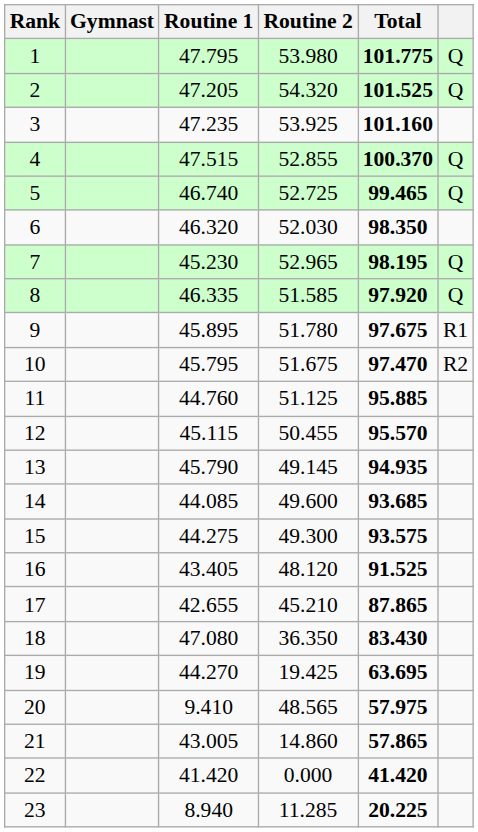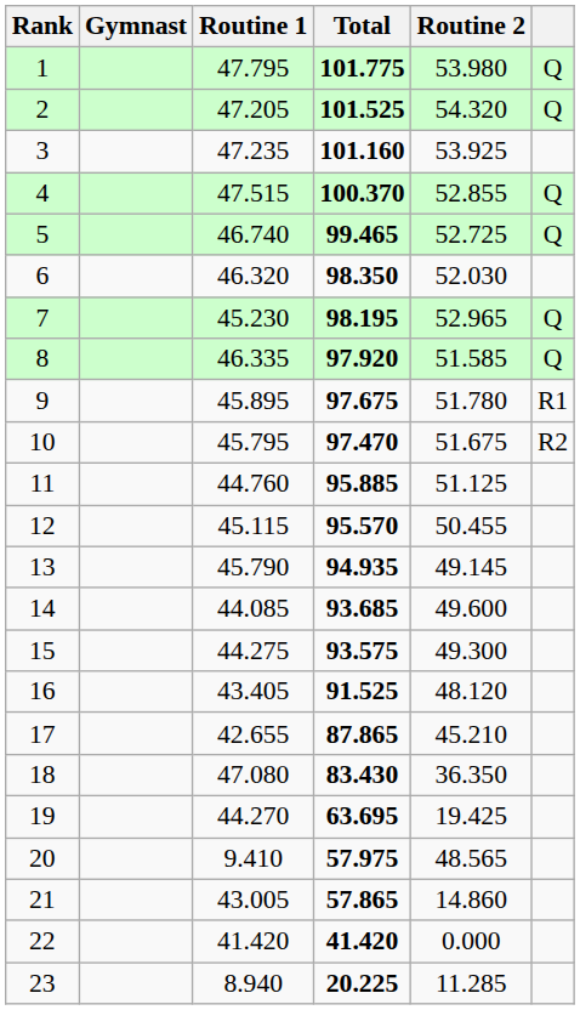 <table class="wikitable sortable" style="text-align:center">
 <tr>
 <th>Rank</th>
 <th>Gymnast</th>
 <th>Routine 1</th>
+<th>Total</th>
 <th>Routine 2</th>
-<th>Total</th>
 <th></th>
 </tr>
 <tr bgcolor=ccffcc>
 <td>1</td>
 <td align=left></td>
 <td>47.795</td>
+<td><strong>101.775</strong></td>
 <td>53.980</td>
-<td><strong>101.775</strong></td>
 <td>Q</td>
 </tr>
 <tr bgcolor=ccffcc>
 <td>2</td>
 <td align=left></td>
 <td>47.205</td>
+<td><strong>101.525</strong></td>
 <td>54.320</td>
-<td><strong>101.525</strong></td>
 <td>Q</td>
 </tr>
 <tr>
 <td>3</td>
 <td align=left></td>
 <td>47.235</td>
+<td><strong>101.160</strong></td>
 <td>53.925</td>
-<td><strong>101.160</strong></td>
 <td></td>
 </tr>
 <tr bgcolor=ccffcc>
 <td>4</td>
 <td align=left></td>
 <td>47.515</td>
+<td><strong>100.370</strong></td>
 <td>52.855</td>
-<td><strong>100.370</strong></td>
 <td>Q</td>
 </tr>
 <tr bgcolor=ccffcc>
 <td>5</td>
 <td align=left></td>
 <td>46.740</td>
+<td><strong>99.465</strong></td>
 <td>52.725</td>
-<td><strong>99.465</strong></td>
 <td>Q</td>
 </tr>
 <tr>
 <td>6</td>
 <td align=left></td>
 <td>46.320</td>
+<td><strong>98.350</strong></td>
 <td>52.030</td>
-<td><strong>98.350</strong></td>
 <td></td>
 </tr>
 <tr bgcolor=ccffcc>
 <td>7</td>
 <td align=left></td>
 <td>45.230</td>
+<td><strong>98.195</strong></td>
 <td>52.965</td>
-<td><strong>98.195</strong></td>
 <td>Q</td>
 </tr>
 <tr bgcolor=ccffcc>
 <td>8</td>
 <td align=left></td>
 <td>46.335</td>
+<td><strong>97.920</strong></td>
 <td>51.585</td>
-<td><strong>97.920</strong></td>
 <td>Q</td>
 </tr>
 <tr>
 <td>9</td>
 <td align=left></td>
 <td>45.895</td>
+<td><strong>97.675</strong></td>
 <td>51.780</td>
-<td><strong>97.675</strong></td>
 <td>R1</td>
 </tr>
 <tr>
 <td>10</td>
 <td align=left></td>
 <td>45.795</td>
+<td><strong>97.470</strong></td>
 <td>51.675</td>
-<td><strong>97.470</strong></td>
 <td>R2</td>
 </tr>
 <tr>
 <td>11</td>
 <td align=left></td>
 <td>44.760</td>
+<td><strong>95.885</strong></td>
 <td>51.125</td>
-<td><strong>95.885</strong></td>
 <td></td>
 </tr>
 <tr>
 <td>12</td>
 <td align=left></td>
 <td>45.115</td>
+<td><strong>95.570</strong></td>
 <td>50.455</td>
-<td><strong>95.570</strong></td>
 <td></td>
 </tr>
 <tr>
 <td>13</td>
 <td align=left></td>
 <td>45.790</td>
+<td><strong>94.935</strong></td>
 <td>49.145</td>
-<td><strong>94.935</strong></td>
 <td></td>
 </tr>
 <tr>
 <td>14</td>
 <td align=left></td>
 <td>44.085</td>
+<td><strong>93.685</strong></td>
 <td>49.600</td>
-<td><strong>93.685</strong></td>
 <td></td>
 </tr>
 <tr>
 <td>15</td>
 <td align=left></td>
 <td>44.275</td>
+<td><strong>93.575</strong></td>
 <td>49.300</td>
-<td><strong>93.575</strong></td>
 <td></td>
 </tr>
 <tr>
 <td>16</td>
 <td align=left></td>
 <td>43.405</td>
+<td><strong>91.525</strong></td>
 <td>48.120</td>
-<td><strong>91.525</strong></td>
 <td></td>
 </tr>
 <tr>
 <td>17</td>
 <td align=left></td>
 <td>42.655</td>
+<td><strong>87.865</strong></td>
 <td>45.210</td>
-<td><strong>87.865</strong></td>
 <td></td>
 </tr>
 <tr>
 <td>18</td>
 <td align=left></td>
 <td>47.080</td>
+<td><strong>83.430</strong></td>
 <td>36.350</td>
-<td><strong>83.430</strong></td>
 <td></td>
 </tr>
 <tr>
 <td>19</td>
 <td align=left></td>
 <td>44.270</td>
+<td><strong>63.695</strong></td>
 <td>19.425</td>
-<td><strong>63.695</strong></td>
 <td></td>
 </tr>
 <tr>
 <td>20</td>
 <td align=left></td>
 <td>9.410</td>
+<td><strong>57.975</strong></td>
 <td>48.565</td>
-<td><strong>57.975</strong></td>
 <td></td>
 </tr>
 <tr>
 <td>21</td>
 <td align=left></td>
 <td>43.005</td>
+<td><strong>57.865</strong></td>
 <td>14.860</td>
-<td><strong>57.865</strong></td>
 <td></td>
 </tr>
 <tr>
 <td>22</td>
 <td align=left></td>
 <td>41.420</td>
+<td><strong>41.420</strong></td>
 <td>0.000</td>
-<td><strong>41.420</strong></td>
 <td></td>
 </tr>
 <tr>
 <td>23</td>
 <td align=left></td>
 <td>8.940</td>
+<td><strong>20.225</strong></td>
 <td>11.285</td>
-<td><strong>20.225</strong></td>
 <td></td>
 </tr>
 </table>
